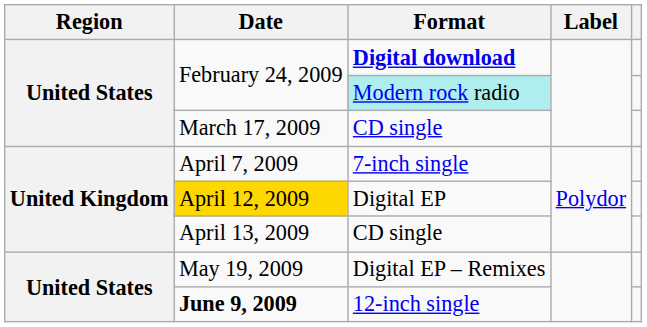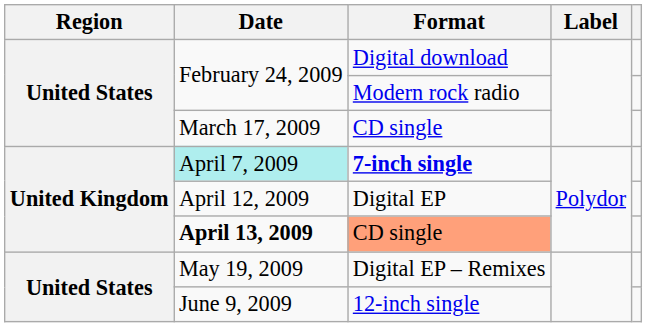 <table class="wikitable plainrowheaders">
 <tr>
 <th scope="col">Region</th>
 <th scope="col">Date</th>
 <th scope="col">Format</th>
 <th scope="col">Label</th>
 <th scope="col"></th>
 </tr>
 <tr>
 <th scope="row" rowspan="3">United States</th>
 <td rowspan="2">February 24, 2009</td>
-<td><strong><a href='#'>Digital download</a><br></strong></td>
+<td><a href='#'>Digital download</a><br></td>
 <td rowspan="3"></td>
 <td align="center"></td>
 </tr>
 <tr>
-<td style="background: paleturquoise;"><a href='#'>Modern rock</a> radio</td>
+<td><a href='#'>Modern rock</a> radio</td>
 <td align="center"></td>
 </tr>
 <tr>
 <td>March 17, 2009</td>
 <td><a href='#'>CD single</a></td>
 <td align="center"></td>
 </tr>
 <tr>
 <th scope="row" rowspan="3">United Kingdom</th>
-<td>April 7, 2009</td>
-<td><a href='#'>7-inch single</a></td>
+<td style="background: paleturquoise;">April 7, 2009</td>
+<td><strong><a href='#'>7-inch single</a></strong></td>
 <td rowspan="3"><a href='#'>Polydor</a></td>
 <td align="center"></td>
 </tr>
 <tr>
-<td style="background: gold;">April 12, 2009</td>
+<td>April 12, 2009</td>
 <td>Digital EP</td>
 <td align="center"></td>
 </tr>
 <tr>
-<td>April 13, 2009</td>
-<td>CD single</td>
+<td><strong>April 13, 2009</strong></td>
+<td style="background: lightsalmon;">CD single</td>
 <td align="center"></td>
 </tr>
 <tr>
 <th scope="row" rowspan="2">United States</th>
 <td>May 19, 2009</td>
 <td>Digital EP – Remixes</td>
 <td rowspan="2"></td>
 <td align="center"></td>
 </tr>
 <tr>
-<td><strong>June 9, 2009</strong></td>
+<td>June 9, 2009</td>
 <td><a href='#'>12-inch single</a></td>
 <td align="center"></td>
 </tr>
 </table>
